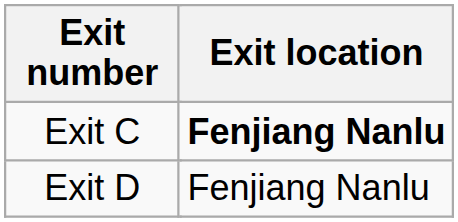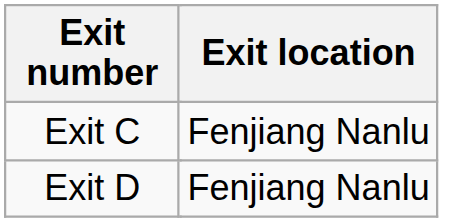 <table class="wikitable">
 <tr>
 <th style="width:70px" colspan="2">Exit number</th>
 <th>Exit location</th>
 </tr>
 <tr>
 <td align="center" colspan="2">Exit C</td>
-<td><strong>Fenjiang Nanlu</strong></td>
+<td>Fenjiang Nanlu</td>
 </tr>
 <tr>
 <td align="center" colspan="2">Exit D</td>
 <td>Fenjiang Nanlu</td>
 </tr>
 </table>
